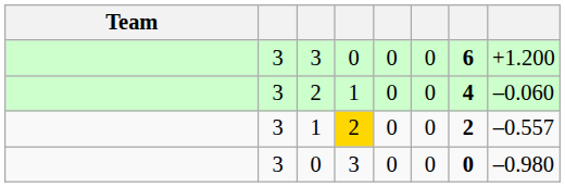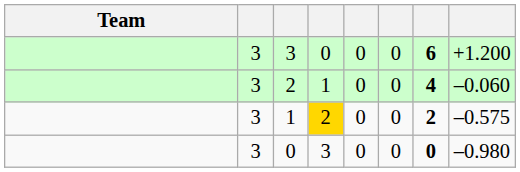 <table class="wikitable" style="text-align:center;">
 <tr>
 <th width=175>Team</th>
 <th style="width:20px;"></th>
 <th style="width:20px;"></th>
 <th style="width:20px;"></th>
 <th style="width:20px;"></th>
 <th style="width:20px;"></th>
 <th style="width:20px;"></th>
 <th style="width:20px;"></th>
 </tr>
 <tr style="solid green; background:#cfc;">
 <td style="text-align:left;"></td>
 <td>3</td>
 <td>3</td>
 <td>0</td>
 <td>0</td>
 <td>0</td>
 <td><strong>6</strong></td>
 <td>+1.200</td>
 </tr>
 <tr style="background:#cfc;">
 <td style="text-align:left;"></td>
 <td>3</td>
 <td>2</td>
 <td>1</td>
 <td>0</td>
 <td>0</td>
 <td><strong>4</strong></td>
 <td>–0.060</td>
 </tr>
 <tr>
 <td style="text-align:left;"></td>
 <td>3</td>
 <td>1</td>
 <td style="background: gold;">2</td>
 <td>0</td>
 <td>0</td>
 <td><strong>2</strong></td>
-<td>–0.557</td>
+<td>–0.575</td>
 </tr>
 <tr>
 <td style="text-align:left;"></td>
 <td>3</td>
 <td>0</td>
 <td>3</td>
 <td>0</td>
 <td>0</td>
 <td><strong>0</strong></td>
 <td>–0.980</td>
 </tr>
 </table>
